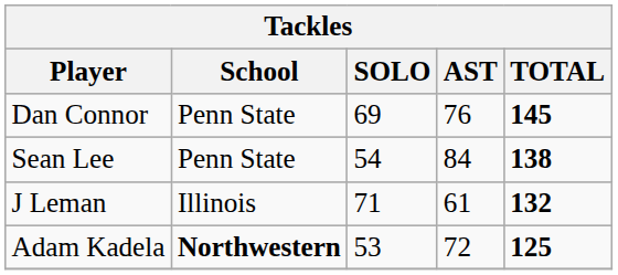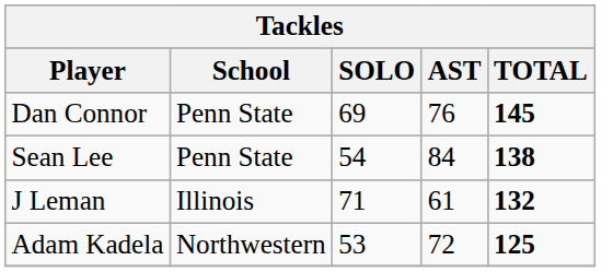 <table class="wikitable">
 <tr>
 <th colspan="7" align="center">Tackles</th>
 </tr>
 <tr>
 <th>Player</th>
 <th>School</th>
 <th>SOLO</th>
 <th>AST</th>
 <th>TOTAL</th>
 </tr>
 <tr>
 <td>Dan Connor</td>
 <td>Penn State</td>
 <td>69</td>
 <td>76</td>
 <td><strong>145</strong></td>
 </tr>
 <tr>
 <td>Sean Lee</td>
 <td>Penn State</td>
 <td>54</td>
 <td>84</td>
 <td><strong>138</strong></td>
 </tr>
 <tr>
 <td>J Leman</td>
 <td>Illinois</td>
 <td>71</td>
 <td>61</td>
 <td><strong>132</strong></td>
 </tr>
 <tr>
 <td>Adam Kadela</td>
-<td><strong>Northwestern</strong></td>
+<td>Northwestern</td>
 <td>53</td>
 <td>72</td>
 <td><strong>125</strong></td>
 </tr>
 <tr>
 </tr>
 </table>
